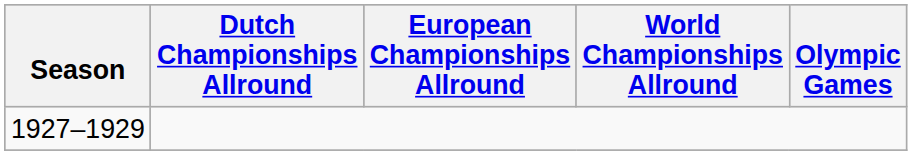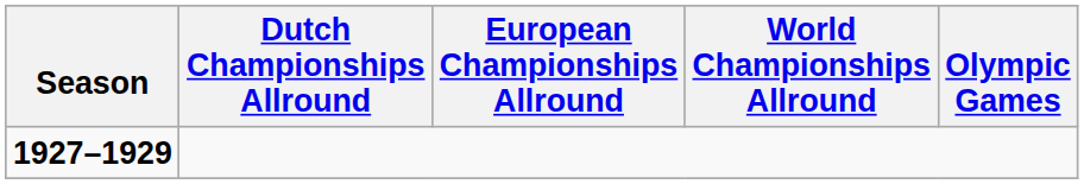 <table class="wikitable">
 <tr>
 <th><br> Season</th>
 <th><a href='#'>Dutch <br> Championships <br> Allround</a></th>
 <th><a href='#'>European <br> Championships <br> Allround</a></th>
 <th><a href='#'>World <br> Championships <br> Allround</a></th>
 <th> <br> <a href='#'>Olympic <br> Games</a></th>
 </tr>
 <tr style="vertical-align: top;">
-<td>1927–1929</td>
+<td><strong>1927–1929</strong></td>
 </tr>
 </table>
